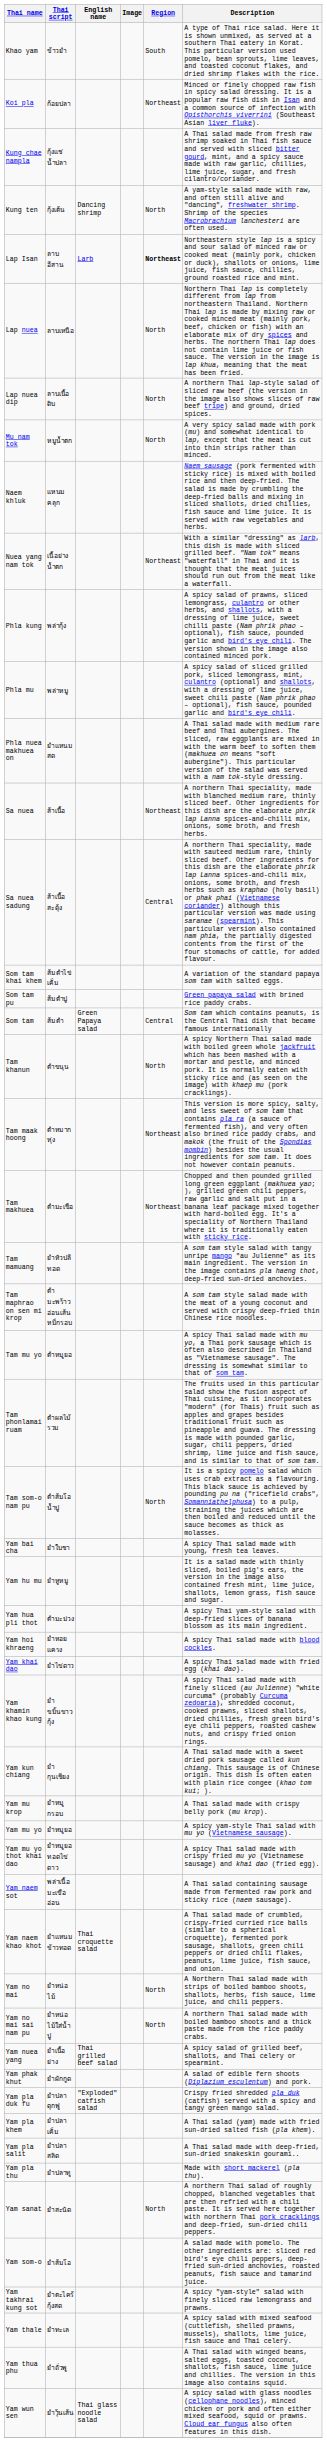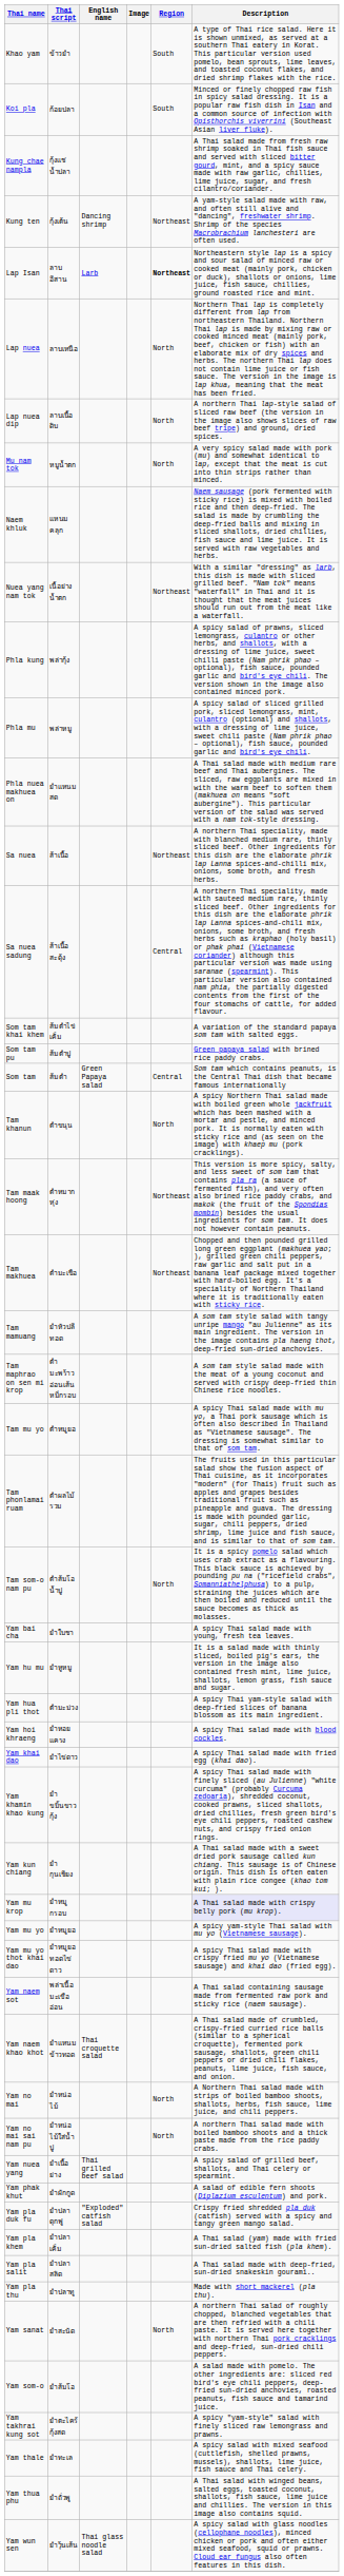 <table class="wikitable sortable" style="width:100%;">
 <tr>
 <th><a href='#'>Thai name</a></th>
 <th><a href='#'>Thai script</a></th>
 <th>English name</th>
 <th>Image</th>
 <th><a href='#'>Region</a></th>
 <th>Description</th>
 </tr>
 <tr>
 <td>Khao yam</td>
 <td>ข้าวยำ</td>
 <td></td>
 <td></td>
 <td>South</td>
 <td>A type of Thai rice salad. Here it is shown unmixed, as served at a southern Thai eatery in Korat. This particular version used pomelo, bean sprouts, lime leaves, and toasted coconut flakes, and dried shrimp flakes with the rice.</td>
 </tr>
 <tr>
 <td><a href='#'>Koi pla</a></td>
 <td>ก้อยปลา</td>
 <td></td>
 <td></td>
-<td>Northeast</td>
+<td>South</td>
 <td>Minced or finely chopped raw fish in spicy salad dressing. It is a popular raw fish dish in <a href='#'>Isan</a> and a common source of infection with <em><a href='#'>Opisthorchis viverrini</a></em> (Southeast Asian <a href='#'>liver fluke</a>).</td>
 </tr>
 <tr>
 <td><a href='#'>Kung chae nampla</a></td>
 <td>กุ้งแช่น้ำปลา</td>
 <td></td>
 <td></td>
 <td></td>
 <td>A Thai salad made from fresh raw shrimp soaked in Thai fish sauce and served with sliced <a href='#'>bitter gourd</a>, mint, and a spicy sauce made with raw garlic, chillies, lime juice, sugar, and fresh cilantro/coriander.</td>
 </tr>
 <tr>
 <td>Kung ten</td>
 <td>กุ้งเต้น</td>
 <td>Dancing shrimp</td>
 <td></td>
-<td>North</td>
+<td>Northeast</td>
 <td>A yam-style salad made with raw, and often still alive and "dancing", <a href='#'>freshwater shrimp</a>. Shrimp of the species <em><a href='#'>Macrobrachium</a> lanchesteri</em> are often used.</td>
 </tr>
 <tr>
 <td>Lap Isan</td>
 <td>ลาบอีสาน</td>
 <td><a href='#'>Larb</a></td>
 <td></td>
 <td><strong>Northeast</strong></td>
 <td>Northeastern style <em>lap</em> is a spicy and sour salad of minced raw or cooked meat (mainly pork, chicken or duck), shallots or onions, lime juice, fish sauce, chillies, ground roasted rice and mint.</td>
 </tr>
 <tr>
 <td>Lap <a href='#'>nuea</a></td>
 <td>ลาบเหนือ</td>
 <td></td>
 <td></td>
 <td>North</td>
 <td>Northern Thai <em>lap</em> is completely different from <em>lap</em> from northeastern Thailand. Northern Thai <em>lap</em> is made by mixing raw or cooked minced meat (mainly pork, beef, chicken or fish) with an elaborate mix of dry <a href='#'>spices</a> and herbs. The northern Thai <em>lap</em> does not contain lime juice or fish sauce. The version in the image is <em>lap khua</em>, meaning that the meat has been fried.</td>
 </tr>
 <tr>
 <td>Lap nuea dip</td>
 <td>ลาบเนื้อดิบ</td>
 <td></td>
 <td></td>
 <td>North</td>
 <td>A northern Thai <em>lap</em>-style salad of sliced raw beef (the version in the image also shows slices of raw beef <a href='#'>tripe</a>) and ground, dried spices.</td>
 </tr>
 <tr>
 <td><a href='#'>Mu nam tok</a></td>
 <td>หมูน้ำตก</td>
 <td></td>
 <td></td>
 <td>North</td>
 <td>A very spicy salad made with pork (<em>mu</em>) and somewhat identical to <em>lap</em>, except that the meat is cut into thin strips rather than minced.</td>
 </tr>
 <tr>
 <td>Naem khluk</td>
 <td>แหนมคลุก</td>
 <td></td>
 <td></td>
 <td></td>
 <td><em><a href='#'>Naem sausage</a></em> (pork fermented with sticky rice) is mixed with boiled rice and then deep-fried. The salad is made by crumbling the deep-fried balls and mixing in sliced shallots, dried chillies, fish sauce and lime juice. It is served with raw vegetables and herbs.</td>
 </tr>
 <tr>
 <td>Nuea yang nam tok</td>
 <td>เนื้อย่างน้ำตก</td>
 <td></td>
 <td></td>
 <td>Northeast</td>
 <td>With a similar "dressing" as <em><a href='#'>larb</a></em>, this dish is made with sliced grilled beef. <em>"Nam tok"</em> means "waterfall" in Thai and it is thought that the meat juices should run out from the meat like a waterfall.</td>
 </tr>
 <tr>
 <td>Phla kung</td>
 <td>พล่ากุ้ง</td>
 <td></td>
 <td></td>
 <td></td>
 <td>A spicy salad of prawns, sliced lemongrass, <a href='#'>culantro</a> or other herbs, and <a href='#'>shallots</a>, with a dressing of lime juice, sweet chilli paste (<em>Nam phrik phao</em> – optional), fish sauce, pounded garlic and <a href='#'>bird's eye chili</a>. The version shown in the image also contained minced pork.</td>
 </tr>
 <tr>
 <td>Phla mu</td>
 <td>พล่าหมู</td>
 <td></td>
 <td></td>
 <td></td>
 <td>A spicy salad of sliced grilled pork, sliced lemongrass, mint, <a href='#'>culantro</a> (optional) and <a href='#'>shallots</a>, with a dressing of lime juice, sweet chili paste (<em>Nam phrik phao</em> – optional), fish sauce, pounded garlic and <a href='#'>bird's eye chili</a>.</td>
 </tr>
 <tr>
 <td>Phla nuea makhuea on</td>
 <td>ยำแหนมสด</td>
 <td></td>
 <td></td>
 <td></td>
 <td>A Thai salad made with medium rare beef and Thai aubergines. The sliced, raw eggplants are mixed in with the warm beef to soften them (<em>makhuea on</em> means "soft aubergine"). This particular version of the salad was served with a <em>nam tok</em>-style dressing.</td>
 </tr>
 <tr>
 <td>Sa nuea</td>
 <td>ส้าเนื้อ</td>
 <td></td>
 <td></td>
 <td>Northeast</td>
 <td>A northern Thai speciality, made with blanched medium rare, thinly sliced beef. Other ingredients for this dish are the elaborate <em>phrik lap Lanna</em> spices-and-chilli mix, onions, some broth, and fresh herbs.</td>
 </tr>
 <tr>
 <td>Sa nuea sadung</td>
 <td>ส้าเนื้อสะดุ้ง</td>
 <td></td>
 <td></td>
 <td>Central</td>
 <td>A northern Thai speciality, made with sauteed medium rare, thinly sliced beef. Other ingredients for this dish are the elaborate <em>phrik lap Lanna</em> spices-and-chili mix, onions, some broth, and fresh herbs such as <em>kraphao</em> (holy basil) or <em>phak phai</em> (<a href='#'>Vietnamese coriander</a>) although this particular version was made using <em>saranae</em> (<a href='#'>spearmint</a>). This particular version also contained <em>nam phia</em>, the partially digested contents from the first of the four stomachs of cattle, for added flavour.</td>
 </tr>
 <tr>
 <td>Som tam khai khem</td>
 <td>ส้มตำไข่เค็ม</td>
 <td></td>
 <td></td>
 <td></td>
 <td>A variation of the standard papaya <em>som tam</em> with salted eggs.</td>
 </tr>
 <tr>
 <td>Som tam pu</td>
 <td>ส้มตำปู</td>
 <td></td>
 <td></td>
 <td></td>
 <td><a href='#'>Green papaya salad</a> with brined rice paddy crabs.</td>
 </tr>
 <tr>
 <td>Som tam</td>
 <td>ส้มตำ</td>
 <td>Green Papaya salad</td>
 <td></td>
 <td>Central</td>
 <td><em>Som tam</em> which contains peanuts, is the Central Thai dish that became famous internationally</td>
 </tr>
 <tr>
 <td>Tam khanun</td>
 <td>ตำขนุน</td>
 <td></td>
 <td></td>
 <td>North</td>
 <td>A spicy Northern Thai salad made with boiled green whole <a href='#'>jackfruit</a> which has been mashed with a mortar and pestle, and minced pork. It is normally eaten with sticky rice and (as seen on the image) with <em>khaep mu</em> (pork cracklings).</td>
 </tr>
 <tr>
 <td>Tam maak hoong</td>
 <td>ตำหมากหุ่ง</td>
 <td></td>
 <td></td>
 <td>Northeast</td>
 <td>This version is more spicy, salty, and less sweet of <em>som tam</em> that contains <em><a href='#'>pla ra</a></em> (a sauce of fermented fish), and very often also brined rice paddy crabs, and <em>makok</em> (the fruit of the <em><a href='#'>Spondias mombin</a></em>) besides the usual ingredients for <em>som tam</em>. It does not however contain peanuts.</td>
 </tr>
 <tr>
 <td>Tam makhuea</td>
 <td>ตำมะเขือ</td>
 <td></td>
 <td></td>
 <td>Northeast</td>
 <td>Chopped and then pounded grilled long green eggplant (<em>makhuea yao</em>; ), grilled green chili peppers, raw garlic and salt put in a banana leaf package mixed together with hard-boiled egg. It's a speciality of Northern Thailand where it is traditionally eaten with <a href='#'>sticky rice</a>.</td>
 </tr>
 <tr>
 <td>Tam mamuang</td>
 <td>ยำหัวปลีทอด</td>
 <td></td>
 <td></td>
 <td></td>
 <td>A <em>som tam</em> style salad with tangy unripe <a href='#'>mango</a> "au Julienne" as its main ingredient. The version in the image contains <em>pla haeng thot</em>, deep-fried sun-dried anchovies.</td>
 </tr>
 <tr>
 <td>Tam maphrao on sen mi krop</td>
 <td>ตำมะพร้าวอ่อนเส้นหมี่กรอบ</td>
 <td></td>
 <td></td>
 <td></td>
 <td>A <em>som tam</em> style salad made with the meat of a young coconut and served with crispy deep-fried thin Chinese rice noodles.</td>
 </tr>
 <tr>
 <td>Tam mu yo</td>
 <td>ตำหมูยอ</td>
 <td></td>
 <td></td>
 <td></td>
 <td>A spicy Thai salad made with <em>mu yo</em>, a Thai pork sausage which is often also described in Thailand as "Vietnamese sausage". The dressing is somewhat similar to that of <a href='#'>som tam</a>.</td>
 </tr>
 <tr>
 <td>Tam phonlamai ruam</td>
 <td>ตำผลไม้รวม</td>
 <td></td>
 <td></td>
 <td></td>
 <td>The fruits used in this particular salad show the fusion aspect of Thai cuisine, as it incorporates "modern" (for Thais) fruit such as apples and grapes besides traditional fruit such as pineapple and guava. The dressing is made with pounded garlic, sugar, chili peppers, dried shrimp, lime juice and fish sauce, and is similar to that of <em>som tam</em>.</td>
 </tr>
 <tr>
 <td>Tam som-o nam pu</td>
 <td>ตำส้มโอน้ำปู</td>
 <td></td>
 <td></td>
 <td>North</td>
 <td>It is a spicy <a href='#'>pomelo</a> salad which uses crab extract as a flavouring. This black sauce is achieved by pounding <em>pu na</em> ("ricefield crabs", <em><a href='#'>Somanniathelphusa</a></em>) to a pulp, straining the juices which are then boiled and reduced until the sauce becomes as thick as molasses.</td>
 </tr>
 <tr>
 <td>Yam bai cha</td>
 <td>ยำใบชา</td>
 <td></td>
 <td></td>
 <td></td>
 <td>A spicy Thai salad made with young, fresh tea leaves.</td>
 </tr>
 <tr>
 <td>Yam hu mu</td>
 <td>ยำหูหมู</td>
 <td></td>
 <td></td>
 <td></td>
 <td>It is a salad made with thinly sliced, boiled pig's ears, the version in the image also contained fresh mint, lime juice, shallots, lemon grass, fish sauce and sugar.</td>
 </tr>
 <tr>
 <td>Yam hua pli thot</td>
 <td>ตำมะม่วง</td>
 <td></td>
 <td></td>
 <td></td>
 <td>A spicy Thai yam-style salad with deep-fried slices of banana blossom as its main ingredient.</td>
 </tr>
 <tr>
 <td>Yam hoi khraeng</td>
 <td>ยำหอยแครง</td>
 <td></td>
 <td></td>
 <td></td>
 <td>A spicy Thai salad made with <a href='#'>blood cockles</a>.</td>
 </tr>
 <tr>
 <td><a href='#'>Yam khai dao</a></td>
 <td>ยำไข่ดาว</td>
 <td></td>
 <td></td>
 <td></td>
 <td>A spicy Thai salad made with fried egg (<em>khai dao</em>).</td>
 </tr>
 <tr>
 <td>Yam khamin khao kung</td>
 <td>ยำขมิ้นขาวกุ้ง</td>
 <td></td>
 <td></td>
 <td></td>
 <td>A spicy Thai salad made with finely sliced (<em>au Julienne</em>) "white curcuma" (probably <a href='#'>Curcuma zedoaria</a>), shredded coconut, cooked prawns, sliced shallots, dried chillies, fresh green bird's eye chili peppers, roasted cashew nuts, and crispy fried onion rings.</td>
 </tr>
 <tr>
 <td>Yam kun chiang</td>
 <td>ยำกุนเชียง</td>
 <td></td>
 <td></td>
 <td></td>
 <td>A Thai salad made with a sweet dried pork sausage called <em>kun chiang</em>. This sausage is of Chinese origin. This dish is often eaten with plain rice congee (<em>khao tom kui</em>; ).</td>
 </tr>
 <tr>
 <td>Yam mu krop</td>
 <td>ยำหมูกรอบ</td>
 <td></td>
 <td></td>
 <td></td>
-<td>A Thai salad made with crispy belly pork (<em>mu krop</em>).</td>
+<td style="background: lavender;">A Thai salad made with crispy belly pork (<em>mu krop</em>).</td>
 </tr>
 <tr>
 <td>Yam mu yo</td>
 <td>ยำหมูยอ</td>
 <td></td>
 <td></td>
 <td></td>
 <td>A spicy yam-style Thai salad with <em>mu yo</em> (<a href='#'>Vietnamese sausage</a>).</td>
 </tr>
 <tr>
 <td>Yam mu yo thot khai dao</td>
 <td>ยำหมูยอทอดไข่ดาว</td>
 <td></td>
 <td></td>
 <td></td>
 <td>A spicy Thai salad made with crispy fried <em>mu yo</em> (Vietnamese sausage) and <em>khai dao</em> (fried egg).</td>
 </tr>
 <tr>
 <td><a href='#'>Yam naem</a> sot</td>
 <td>พล่าเนื้อมะเขืออ่อน</td>
 <td></td>
 <td></td>
 <td></td>
 <td>A Thai salad containing sausage made from fermented raw pork and sticky rice (<em>naem</em> sausage).</td>
 </tr>
 <tr>
 <td>Yam naem khao khot</td>
 <td>ยำแหนมข้าวทอด</td>
 <td>Thai croquette salad</td>
 <td></td>
 <td></td>
 <td>A Thai salad made of crumbled, crispy-fried curried rice balls (similar to a spherical croquette), fermented pork sausage, shallots, green chili peppers or dried chili flakes, peanuts, lime juice, fish sauce, and onion.</td>
 </tr>
 <tr>
 <td>Yam no mai</td>
 <td>ยำหน่อไม้</td>
 <td></td>
 <td></td>
 <td>North</td>
 <td>A Northern Thai salad made with strips of boiled bamboo shoots, shallots, herbs, fish sauce, lime juice, and chili peppers.</td>
 </tr>
 <tr>
 <td>Yam no mai sai nam pu</td>
 <td>ยำหน่อไม้ใส่น้ำปู</td>
 <td></td>
 <td></td>
 <td>North</td>
 <td>A northern Thai salad made with boiled bamboo shoots and a thick paste made from the rice paddy crabs.</td>
 </tr>
 <tr>
 <td>Yam nuea yang</td>
 <td>ยำเนื้อย่าง</td>
 <td>Thai grilled beef salad</td>
 <td></td>
 <td></td>
 <td>A spicy salad of grilled beef, shallots, and Thai celery or spearmint.</td>
 </tr>
 <tr>
 <td>Yam phak khut</td>
 <td>ยำผักกูด</td>
 <td></td>
 <td></td>
 <td></td>
 <td>A salad of edible fern shoots (<em><a href='#'>Diplazium esculentum</a></em>) and pork.</td>
 </tr>
 <tr>
 <td>Yam pla duk fu</td>
 <td>ยำปลาดุกฟู</td>
 <td>"Exploded" catfish salad</td>
 <td></td>
 <td></td>
 <td>Crispy fried shredded <em><a href='#'>pla duk</a></em> (catfish) served with a spicy and tangy green mango salad.</td>
 </tr>
 <tr>
 <td>Yam pla khem</td>
 <td>ยำปลาเค็ม</td>
 <td></td>
 <td></td>
 <td></td>
 <td>A Thai salad (<em>yam</em>) made with fried sun-dried salted fish (<em>pla khem</em>).</td>
 </tr>
 <tr>
 <td>Yam pla salit</td>
 <td>ยำปลาสลิด</td>
 <td></td>
 <td></td>
 <td></td>
 <td>A Thai salad made with deep-fried, sun-dried snakeskin gourami..</td>
 </tr>
 <tr>
 <td>Yam pla thu</td>
 <td>ยำปลาทู</td>
 <td></td>
 <td></td>
 <td></td>
 <td>Made with <a href='#'>short mackerel</a> (<em>pla thu</em>).</td>
 </tr>
 <tr>
 <td>Yam sanat</td>
 <td>ยำสะนัด</td>
 <td></td>
 <td></td>
 <td>North</td>
 <td>A northern Thai salad of roughly chopped, blanched vegetables that are then refried with a chili paste. It is served here together with northern Thai <a href='#'>pork cracklings</a> and deep-fried, sun-dried chili peppers.</td>
 </tr>
 <tr>
 <td>Yam som-o</td>
 <td>ยำส้มโอ</td>
 <td></td>
 <td></td>
 <td></td>
 <td>A salad made with pomelo. The other ingredients are: sliced red bird's eye chili peppers, deep-fried sun-dried anchovies, roasted peanuts, fish sauce and tamarind juice.</td>
 </tr>
 <tr>
 <td>Yam takhrai kung sot</td>
 <td>ยำตะไคร้กุ้งสด</td>
 <td></td>
 <td></td>
 <td></td>
 <td>A spicy "yam-style" salad with finely sliced raw lemongrass and prawns.</td>
 </tr>
 <tr>
 <td>Yam thale</td>
 <td>ยำทะเล</td>
 <td></td>
 <td></td>
 <td></td>
 <td>A spicy salad with mixed seafood (cuttlefish, shelled prawns, mussels), shallots, lime juice, fish sauce and Thai celery.</td>
 </tr>
 <tr>
 <td>Yam thua phu</td>
 <td>ยำถั่วพู</td>
 <td></td>
 <td></td>
 <td></td>
 <td>A Thai salad with winged beans, salted eggs, toasted coconut, shallots, fish sauce, lime juice and chillies. The version in this image also contains squid.</td>
 </tr>
 <tr>
 <td>Yam wun sen</td>
 <td>ยำวุ้นเส้น</td>
 <td>Thai glass noodle salad</td>
 <td></td>
 <td></td>
 <td>A spicy salad with glass noodles (<a href='#'>cellophane noodles</a>), minced chicken or pork and often either mixed seafood, squid or prawns. <a href='#'>Cloud ear fungus</a> also often features in this dish.</td>
 </tr>
 <tr>
 </tr>
 </table>
